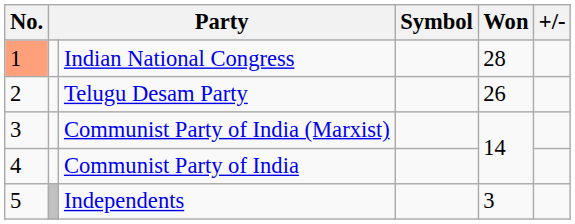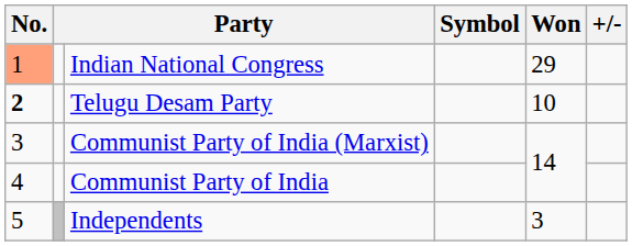 <table class="wikitable sortable">
 <tr>
 <th>No.</th>
 <th colspan="2">Party</th>
 <th>Symbol</th>
 <th>Won</th>
 <th>+/-</th>
 </tr>
 <tr>
 <td style="background: lightsalmon;">1</td>
 <td></td>
 <td><a href='#'>Indian National Congress</a></td>
 <td></td>
-<td>28</td>
+<td>29</td>
 <td></td>
 </tr>
 <tr>
-<td>2</td>
+<td><strong>2</strong></td>
 <td></td>
 <td><a href='#'>Telugu Desam Party</a></td>
 <td></td>
-<td>26</td>
+<td>10</td>
 <td></td>
 </tr>
 <tr>
 <td>3</td>
 <td></td>
 <td><a href='#'>Communist Party of India (Marxist)</a></td>
 <td></td>
 <td rowspan="2">14</td>
 <td></td>
 </tr>
 <tr>
 <td>4</td>
 <td></td>
 <td><a href='#'>Communist Party of India</a></td>
 <td></td>
 <td></td>
 </tr>
 <tr>
 <td>5</td>
 <td bgcolor="#C1C1C1"></td>
 <td><a href='#'>Independents</a></td>
 <td></td>
 <td>3</td>
 <td></td>
 </tr>
 </table>
